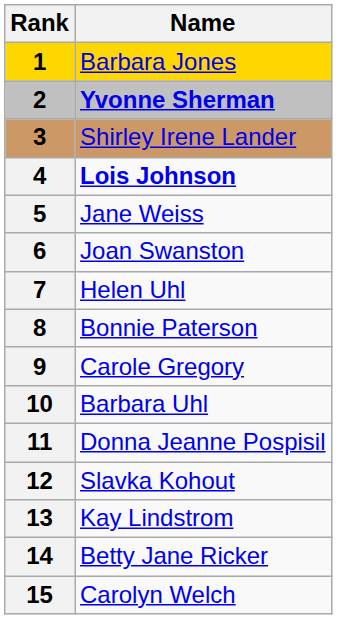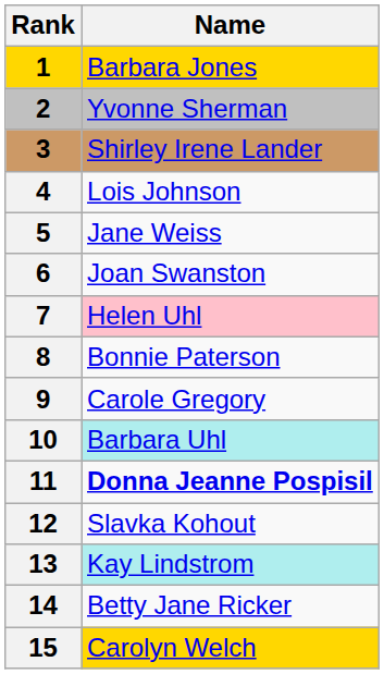 <table class="wikitable">
 <tr>
 <th>Rank</th>
 <th>Name</th>
 </tr>
 <tr bgcolor="gold">
 <td align="center"><strong>1</strong></td>
 <td><a href='#'>Barbara Jones</a></td>
 </tr>
 <tr bgcolor="silver">
 <td align="center"><strong>2</strong></td>
-<td><strong><a href='#'>Yvonne Sherman</a></strong></td>
+<td><a href='#'>Yvonne Sherman</a></td>
 </tr>
 <tr bgcolor="cc9966">
 <td align="center"><strong>3</strong></td>
 <td><a href='#'>Shirley Irene Lander</a></td>
 </tr>
 <tr>
 <th>4</th>
-<td><strong><a href='#'>Lois Johnson</a></strong></td>
+<td><a href='#'>Lois Johnson</a></td>
 </tr>
 <tr>
 <th>5</th>
 <td><a href='#'>Jane Weiss</a></td>
 </tr>
 <tr>
 <th>6</th>
 <td><a href='#'>Joan Swanston</a></td>
 </tr>
 <tr>
 <th>7</th>
-<td><a href='#'>Helen Uhl</a></td>
+<td style="background: pink;"><a href='#'>Helen Uhl</a></td>
 </tr>
 <tr>
 <th>8</th>
 <td><a href='#'>Bonnie Paterson</a></td>
 </tr>
 <tr>
 <th>9</th>
 <td><a href='#'>Carole Gregory</a></td>
 </tr>
 <tr>
 <th>10</th>
-<td><a href='#'>Barbara Uhl</a></td>
+<td style="background: paleturquoise;"><a href='#'>Barbara Uhl</a></td>
 </tr>
 <tr>
 <th>11</th>
-<td><a href='#'>Donna Jeanne Pospisil</a></td>
+<td><strong><a href='#'>Donna Jeanne Pospisil</a></strong></td>
 </tr>
 <tr>
 <th>12</th>
 <td><a href='#'>Slavka Kohout</a></td>
 </tr>
 <tr>
 <th>13</th>
-<td><a href='#'>Kay Lindstrom</a></td>
+<td style="background: paleturquoise;"><a href='#'>Kay Lindstrom</a></td>
 </tr>
 <tr>
 <th>14</th>
 <td><a href='#'>Betty Jane Ricker</a></td>
 </tr>
 <tr>
 <th>15</th>
-<td><a href='#'>Carolyn Welch</a></td>
+<td style="background: gold;"><a href='#'>Carolyn Welch</a></td>
 </tr>
 </table>
